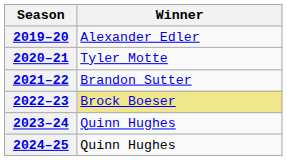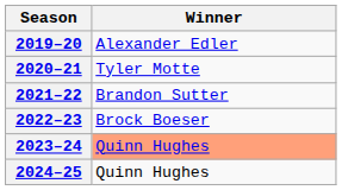 <table class="wikitable">
 <tr>
 <th scope="col" style="width:5em">Season</th>
 <th scope="col" style="width:15em">Winner</th>
 </tr>
 <tr>
 <th scope="row"><a href='#'>2019–20</a></th>
 <td><a href='#'>Alexander Edler</a></td>
 </tr>
 <tr>
 <th scope="row"><a href='#'>2020–21</a></th>
 <td><a href='#'>Tyler Motte</a></td>
 </tr>
 <tr>
 <th scope="row"><a href='#'>2021–22</a></th>
 <td><a href='#'>Brandon Sutter</a></td>
 </tr>
 <tr>
 <th scope="row"><a href='#'>2022–23</a></th>
-<td style="background: khaki;"><a href='#'>Brock Boeser</a></td>
+<td><a href='#'>Brock Boeser</a></td>
 </tr>
 <tr>
 <th scope="row"><a href='#'>2023–24</a></th>
-<td><a href='#'>Quinn Hughes</a></td>
+<td style="background: lightsalmon;"><a href='#'>Quinn Hughes</a></td>
 </tr>
 <tr>
 <th scope="row"><a href='#'>2024–25</a></th>
 <td>Quinn Hughes</td>
 </tr>
 </table>
